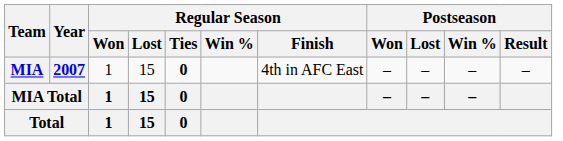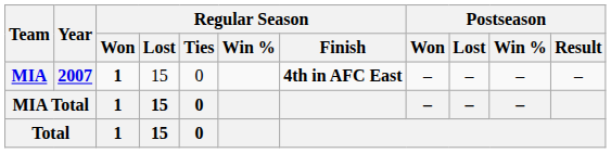 <table class="wikitable" style="font-size: 95%; text-align:center;">
 <tr>
 <th rowspan="2">Team</th>
 <th rowspan="2">Year</th>
 <th colspan="5">Regular Season</th>
 <th colspan="4">Postseason</th>
 </tr>
 <tr>
 <th>Won</th>
 <th>Lost</th>
 <th>Ties</th>
 <th>Win %</th>
 <th>Finish</th>
 <th>Won</th>
 <th>Lost</th>
 <th>Win %</th>
 <th>Result</th>
 </tr>
 <tr>
 <th><a href='#'>MIA</a></th>
 <th><a href='#'>2007</a></th>
-<td>1</td>
+<td><strong>1</strong></td>
 <td>15</td>
-<td><strong>0</strong></td>
+<td>0</td>
 <td></td>
-<td>4th in AFC East</td>
+<td><strong>4th in AFC East</strong></td>
 <td>–</td>
 <td>–</td>
 <td>–</td>
 <td>–</td>
 </tr>
 <tr>
 <th colspan="2">MIA Total</th>
 <th>1</th>
 <th>15</th>
 <th>0</th>
 <th></th>
 <th></th>
 <th>–</th>
 <th>–</th>
 <th>–</th>
 <th></th>
 </tr>
 <tr>
 <th colspan="2">Total</th>
 <th>1</th>
 <th>15</th>
 <th>0</th>
 <th></th>
 <th colspan="5"></th>
 </tr>
 </table>
